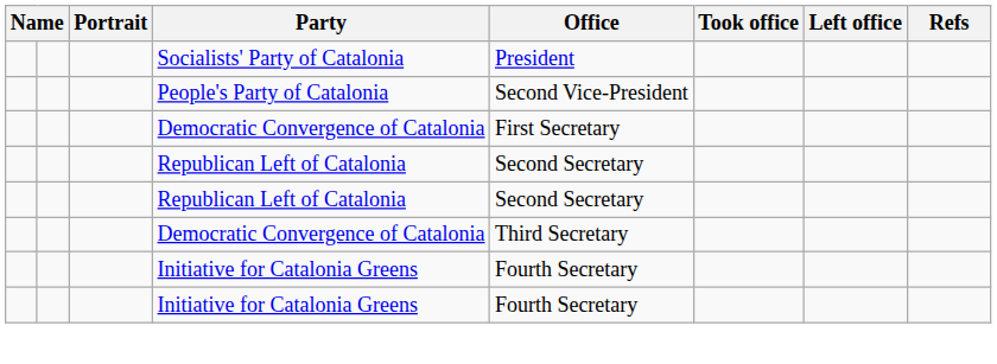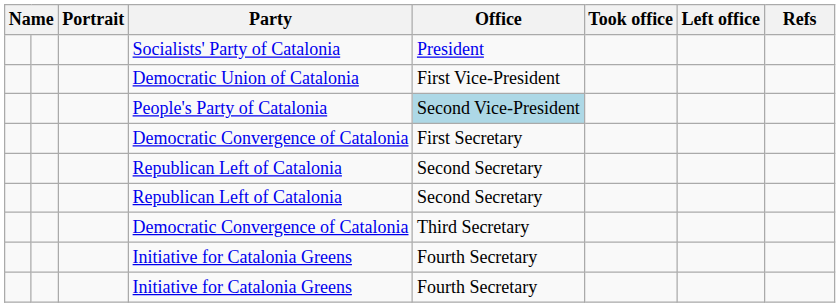 <table class="wikitable plainrowheaders sortable mw-collapsible mw-collapsed" style="font-size:90%; text-align:left;">
 <tr>
 <th scope=col colspan="2">Name</th>
 <th scope=col class=unsortable>Portrait</th>
 <th scope=col>Party</th>
 <th scope=col>Office</th>
 <th scope=col>Took office</th>
 <th scope=col>Left office</th>
 <th scope=col width=50px class=unsortable>Refs</th>
 </tr>
 <tr>
 <td !align="center" style="background:"></td>
 <td></td>
 <td align=center></td>
 <td><a href='#'>Socialists' Party of Catalonia</a></td>
 <td><a href='#'>President</a></td>
 <td align=center></td>
 <td align=center></td>
 <td align=center></td>
 </tr>
 <tr>
 <td !align="center" style="background:"></td>
 <td></td>
 <td align=center></td>
+<td><a href='#'>Democratic Union of Catalonia</a></td>
+<td>First Vice-President</td>
+<td align=center></td>
+<td align=center></td>
+<td align=center></td>
+</tr>
+<tr>
+<td !align="center" style="background:"></td>
+<td></td>
+<td align=center></td>
 <td><a href='#'>People's Party of Catalonia</a></td>
-<td>Second Vice-President</td>
+<td style="background: lightblue;">Second Vice-President</td>
 <td align=center></td>
 <td align=center></td>
 <td align=center></td>
 </tr>
 <tr>
 <td !align="center" style="background:"></td>
 <td></td>
 <td align=center></td>
 <td><a href='#'>Democratic Convergence of Catalonia</a></td>
 <td>First Secretary</td>
 <td align=center></td>
 <td align=center></td>
 <td align=center></td>
 </tr>
 <tr>
 <td !align="center" style="background:"></td>
 <td></td>
 <td align=center></td>
 <td><a href='#'>Republican Left of Catalonia</a></td>
 <td>Second Secretary</td>
 <td align=center></td>
 <td align=center></td>
 <td align=center></td>
 </tr>
 <tr>
 <td !align="center" style="background:"></td>
 <td></td>
 <td align=center></td>
 <td><a href='#'>Republican Left of Catalonia</a></td>
 <td>Second Secretary</td>
 <td align=center></td>
 <td align=center></td>
 <td align=center></td>
 </tr>
 <tr>
 <td !align="center" style="background:"></td>
 <td></td>
 <td align=center></td>
 <td><a href='#'>Democratic Convergence of Catalonia</a></td>
 <td>Third Secretary</td>
 <td align=center></td>
 <td align=center></td>
 <td align=center></td>
 </tr>
 <tr>
 <td !align="center" style="background:"></td>
 <td></td>
 <td align=center></td>
 <td><a href='#'>Initiative for Catalonia Greens</a></td>
 <td>Fourth Secretary</td>
 <td align=center></td>
 <td align=center></td>
 <td align=center></td>
 </tr>
 <tr>
 <td !align="center" style="background:"></td>
 <td></td>
 <td align=center></td>
 <td><a href='#'>Initiative for Catalonia Greens</a></td>
 <td>Fourth Secretary</td>
 <td align=center></td>
 <td align=center></td>
 <td align=center></td>
 </tr>
 </table>
